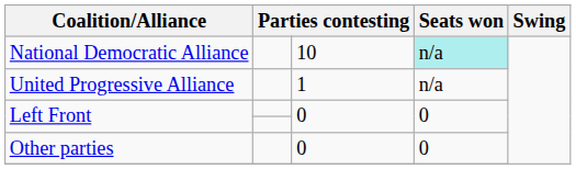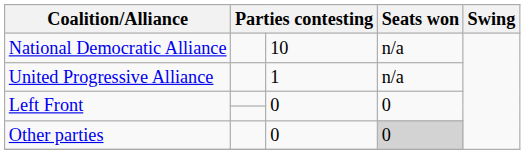 <table class="wikitable sortable">
 <tr>
 <th>Coalition/Alliance</th>
 <th colspan=2>Parties contesting</th>
 <th>Seats won</th>
 <th>Swing</th>
 </tr>
 <tr>
 <td><a href='#'>National Democratic Alliance</a></td>
 <td></td>
 <td>10</td>
-<td style="background: paleturquoise;">n/a</td>
+<td>n/a</td>
 </tr>
 <tr>
 <td><a href='#'>United Progressive Alliance</a></td>
 <td></td>
 <td>1</td>
 <td>n/a</td>
 </tr>
 <tr>
 <td rowspan=2><a href='#'>Left Front</a></td>
 <td></td>
 <td rowspan=2>0</td>
 <td rowspan=2>0</td>
 </tr>
 <tr>
 <td></td>
 </tr>
 <tr>
 <td><a href='#'>Other parties</a></td>
 <td></td>
 <td>0</td>
-<td>0</td>
+<td style="background: lightgrey;">0</td>
 </tr>
 <tr>
 </tr>
 </table>
